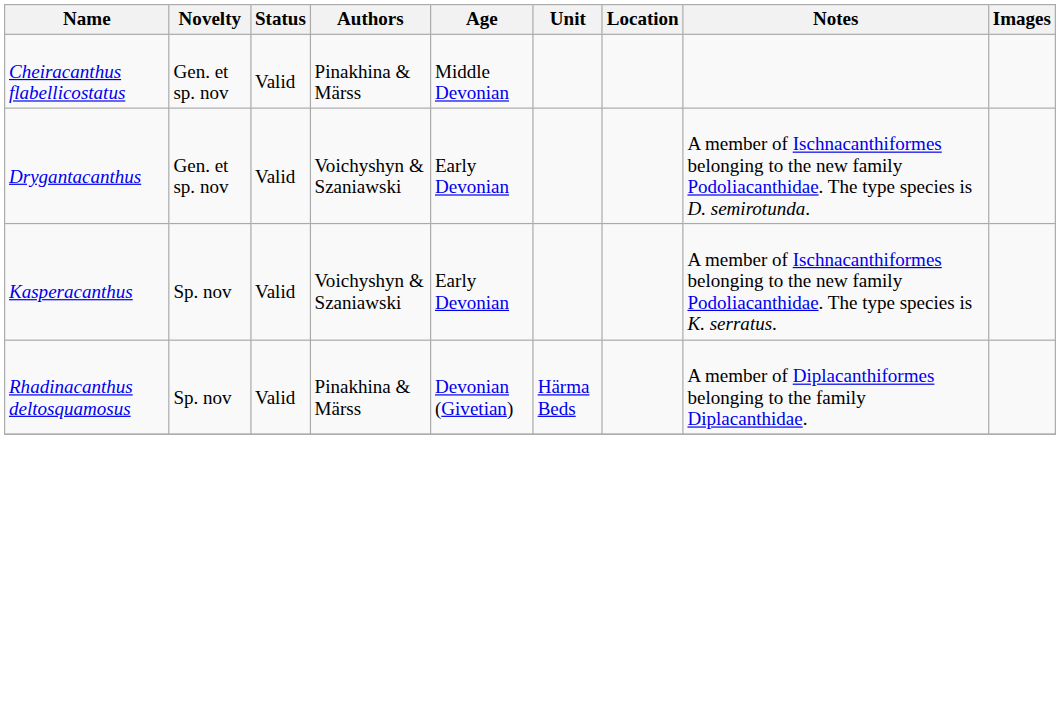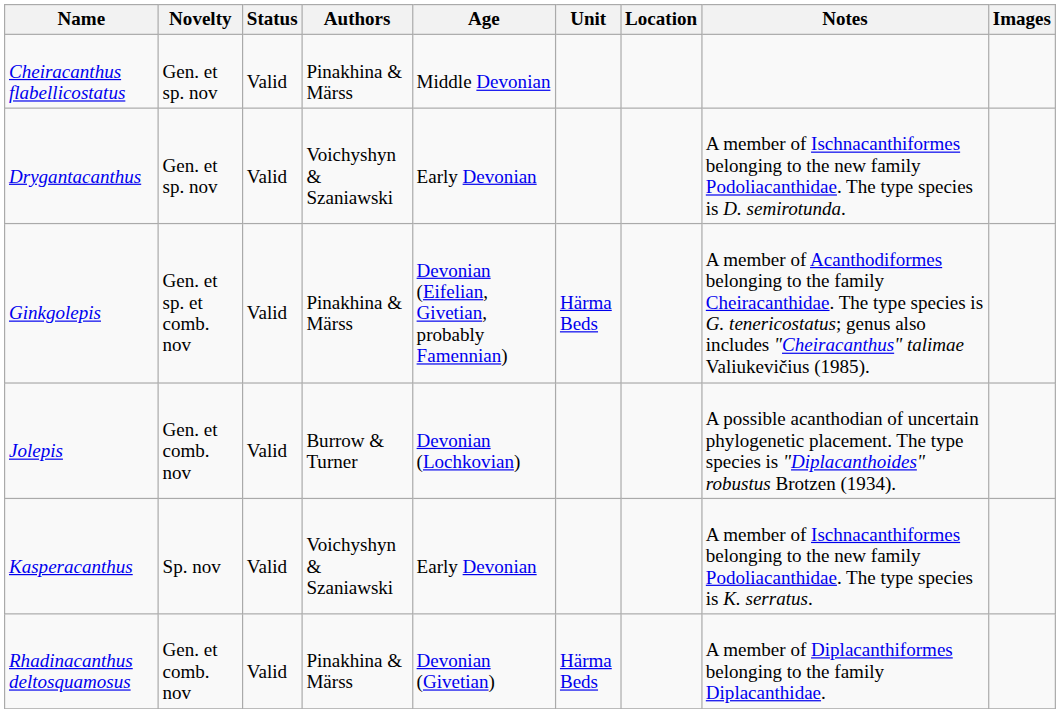 <table class="wikitable sortable" align="center" width="100%">
 <tr>
 <th>Name</th>
 <th>Novelty</th>
 <th>Status</th>
 <th>Authors</th>
 <th>Age</th>
 <th>Unit</th>
 <th>Location</th>
 <th>Notes</th>
 <th>Images</th>
 </tr>
 <tr>
 <td><br><em><a href='#'>Cheiracanthus flabellicostatus</a></em></td>
 <td><br>Gen. et sp. nov</td>
 <td><br>Valid</td>
 <td><br>Pinakhina & Märss</td>
 <td><br>Middle <a href='#'>Devonian</a></td>
 <td></td>
 <td><br><br> </td>
 <td></td>
 <td></td>
 </tr>
 <tr>
 <td><br><em><a href='#'>Drygantacanthus</a></em></td>
 <td><br>Gen. et sp. nov</td>
 <td><br>Valid</td>
 <td><br>Voichyshyn & Szaniawski</td>
 <td><br>Early <a href='#'>Devonian</a></td>
 <td></td>
 <td><br></td>
 <td><br>A member of <a href='#'>Ischnacanthiformes</a> belonging to the new family <a href='#'>Podoliacanthidae</a>. The type species is <em>D. semirotunda</em>.</td>
 <td></td>
 </tr>
 <tr>
+<td><br><em><a href='#'>Ginkgolepis</a></em></td>
+<td><br>Gen. et sp. et comb. nov</td>
+<td><br>Valid</td>
+<td><br>Pinakhina & Märss</td>
+<td><br><a href='#'>Devonian</a> (<a href='#'>Eifelian</a>, <a href='#'>Givetian</a>, probably <a href='#'>Famennian</a>)</td>
+<td><br><a href='#'>Härma Beds</a></td>
+<td><br><br> </td>
+<td><br>A member of <a href='#'>Acanthodiformes</a> belonging to the family <a href='#'>Cheiracanthidae</a>. The type species is <em>G. tenericostatus</em>; genus also includes <em>"<a href='#'>Cheiracanthus</a>" talimae</em> Valiukevičius (1985).</td>
+<td></td>
+</tr>
+<tr>
+<td><br><em><a href='#'>Jolepis</a></em></td>
+<td><br>Gen. et comb. nov</td>
+<td><br>Valid</td>
+<td><br>Burrow & Turner</td>
+<td><br><a href='#'>Devonian</a> (<a href='#'>Lochkovian</a>)</td>
+<td></td>
+<td><br><br> </td>
+<td><br>A possible acanthodian of uncertain phylogenetic placement. The type species is <em>"<a href='#'>Diplacanthoides</a>" robustus</em> Brotzen (1934).</td>
+<td></td>
+</tr>
+<tr>
 <td><br><em><a href='#'>Kasperacanthus</a></em></td>
 <td><br>Sp. nov</td>
 <td><br>Valid</td>
 <td><br>Voichyshyn & Szaniawski</td>
 <td><br>Early <a href='#'>Devonian</a></td>
 <td></td>
 <td><br></td>
 <td><br>A member of <a href='#'>Ischnacanthiformes</a> belonging to the new family <a href='#'>Podoliacanthidae</a>. The type species is <em>K. serratus</em>.</td>
 <td></td>
 </tr>
 <tr>
 <td><br><em><a href='#'>Rhadinacanthus deltosquamosus</a></em></td>
-<td><br>Sp. nov</td>
+<td><br>Gen. et comb. nov</td>
 <td><br>Valid</td>
 <td><br>Pinakhina & Märss</td>
 <td><br><a href='#'>Devonian</a> (<a href='#'>Givetian</a>)</td>
 <td><br><a href='#'>Härma Beds</a></td>
 <td><br><br> </td>
 <td><br>A member of <a href='#'>Diplacanthiformes</a> belonging to the family <a href='#'>Diplacanthidae</a>.</td>
 <td></td>
 </tr>
 <tr>
 </tr>
 </table>
